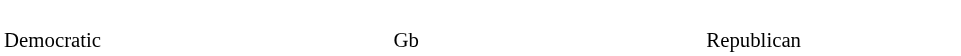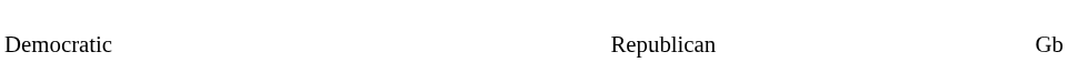 <table style="width:60em; text-align:center">
 <tr style="color:white">
 <td style="background:"><strong>131</strong></td>
+<td style="background:"><strong>151</strong></td>
 <td style="background:"><strong>10</strong></td>
-<td style="background:"><strong>151</strong></td>
 </tr>
 <tr>
 <td>Democratic</td>
+<td>Republican</td>
 <td>Gb</td>
-<td>Republican</td>
 </tr>
 </table>
